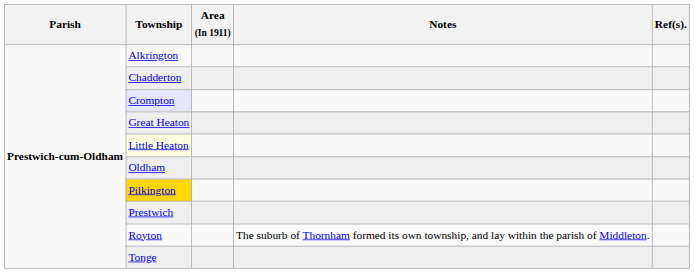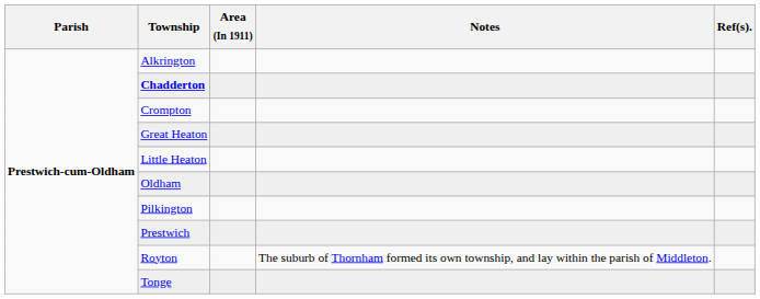 <table class="wikitable" style="font-size:90%;border:0px;text-align:left;line-height:150%;">
 <tr>
 <th>Parish</th>
 <th>Township</th>
 <th>Area<br><small>(In 1911)</small></th>
 <th>Notes</th>
 <th>Ref(s).</th>
 </tr>
 <tr>
 <td rowspan=11><strong>Prestwich-cum-Oldham</strong></td>
 <td><a href='#'>Alkrington</a></td>
 <td></td>
 <td></td>
 <td></td>
 </tr>
 <tr bgcolor="#EFEFEF">
-<td><a href='#'>Chadderton</a></td>
+<td><strong><a href='#'>Chadderton</a></strong></td>
 <td></td>
 <td></td>
 <td></td>
 </tr>
 <tr>
-<td style="background: lavender;"><a href='#'>Crompton</a></td>
+<td><a href='#'>Crompton</a></td>
 <td></td>
 <td></td>
 <td></td>
 </tr>
 <tr bgcolor="#EFEFEF">
 <td><a href='#'>Great Heaton</a></td>
 <td></td>
 <td></td>
 <td></td>
 </tr>
 <tr>
-<td style="background: lightyellow;"><a href='#'>Little Heaton</a></td>
+<td><a href='#'>Little Heaton</a></td>
 <td></td>
 <td></td>
 <td></td>
 </tr>
 <tr bgcolor="#EFEFEF">
 <td><a href='#'>Oldham</a></td>
 <td></td>
 <td></td>
 <td></td>
 </tr>
 <tr>
-<td style="background: gold;"><a href='#'>Pilkington</a></td>
+<td><a href='#'>Pilkington</a></td>
 <td></td>
 <td></td>
 <td></td>
 </tr>
 <tr bgcolor="#EFEFEF">
 <td><a href='#'>Prestwich</a></td>
 <td></td>
 <td></td>
 <td></td>
 </tr>
 <tr>
 <td><a href='#'>Royton</a></td>
 <td></td>
 <td>The suburb of <a href='#'>Thornham</a> formed its own township, and lay within the parish of <a href='#'>Middleton</a>.</td>
 <td></td>
 </tr>
 <tr bgcolor="#EFEFEF">
 <td><a href='#'>Tonge</a></td>
 <td></td>
 <td></td>
 <td></td>
 </tr>
 </table>
